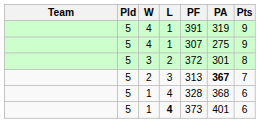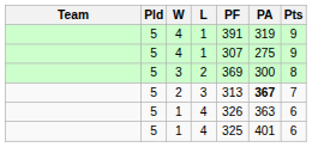 <table class="wikitable" style="text-align:center;">
 <tr>
 <th width=170>Team</th>
 <th width=25>Pld</th>
 <th width=25>W</th>
 <th width=25>L</th>
 <th width=35>PF</th>
 <th width=35>PA</th>
 <th width=25>Pts</th>
 </tr>
 <tr bgcolor=#ccffcc>
 <td align="left"><em></em></td>
 <td>5</td>
 <td>4</td>
 <td>1</td>
 <td>391</td>
 <td>319</td>
 <td>9</td>
 </tr>
 <tr bgcolor=#ccffcc>
 <td align="left"></td>
 <td>5</td>
 <td>4</td>
 <td>1</td>
 <td>307</td>
 <td>275</td>
 <td>9</td>
 </tr>
 <tr bgcolor=#ccffcc>
 <td align="left"></td>
 <td>5</td>
 <td>3</td>
 <td>2</td>
-<td>372</td>
-<td>301</td>
+<td>369</td>
+<td>300</td>
 <td>8</td>
 </tr>
 <tr bgcolor=>
 <td align="left"></td>
 <td>5</td>
 <td>2</td>
 <td>3</td>
 <td>313</td>
 <td><strong>367</strong></td>
 <td>7</td>
 </tr>
 <tr bgcolor=>
 <td align="left"></td>
 <td>5</td>
 <td>1</td>
 <td>4</td>
-<td>328</td>
-<td>368</td>
+<td>326</td>
+<td>363</td>
 <td>6</td>
 </tr>
 <tr bgcolor=>
 <td align="left"></td>
 <td>5</td>
 <td>1</td>
-<td><strong>4</strong></td>
-<td>373</td>
+<td>4</td>
+<td>325</td>
 <td>401</td>
 <td>6</td>
 </tr>
 </table>
